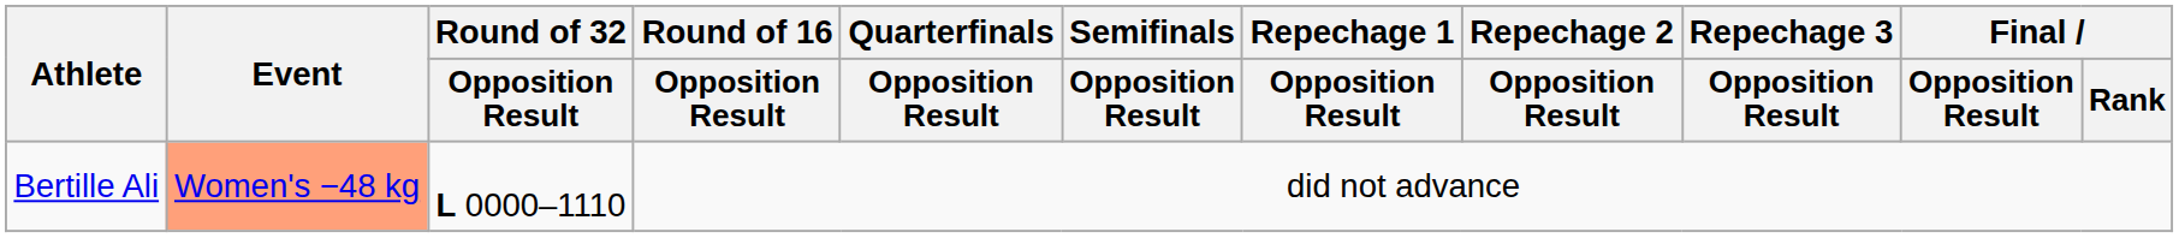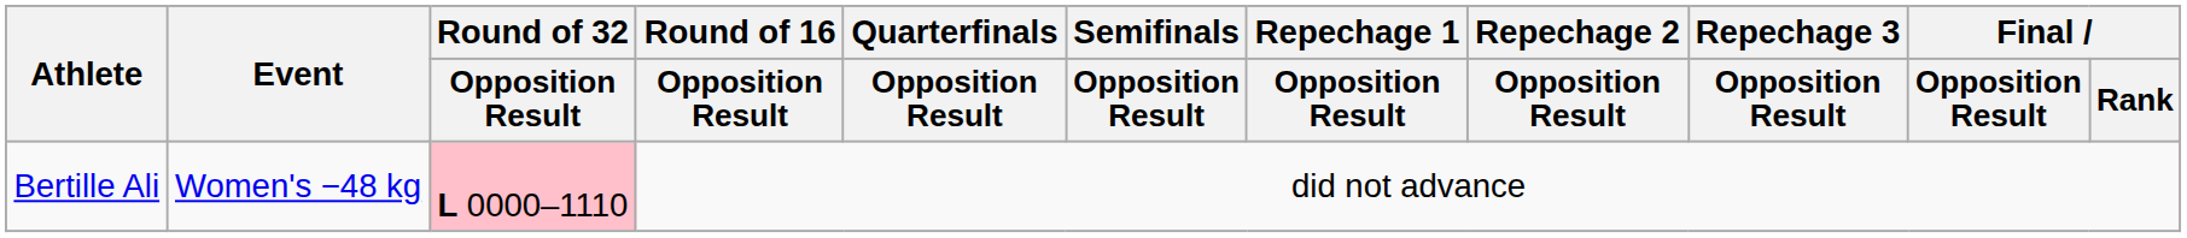 <table class="wikitable" style="font-size:90%">
 <tr>
 <th rowspan="2">Athlete</th>
 <th rowspan="2">Event</th>
 <th>Round of 32</th>
 <th>Round of 16</th>
 <th>Quarterfinals</th>
 <th>Semifinals</th>
 <th>Repechage 1</th>
 <th>Repechage 2</th>
 <th>Repechage 3</th>
 <th colspan=2>Final / </th>
 </tr>
 <tr style="font-size:95%">
 <th>Opposition<br>Result</th>
 <th>Opposition<br>Result</th>
 <th>Opposition<br>Result</th>
 <th>Opposition<br>Result</th>
 <th>Opposition<br>Result</th>
 <th>Opposition<br>Result</th>
 <th>Opposition<br>Result</th>
 <th>Opposition<br>Result</th>
 <th>Rank</th>
 </tr>
 <tr align=center>
 <td align=left><a href='#'>Bertille Ali</a></td>
-<td align=left style="background: lightsalmon;"><a href='#'>Women's −48 kg</a></td>
-<td><br><strong>L</strong> 0000–1110</td>
+<td align=left><a href='#'>Women's −48 kg</a></td>
+<td style="background: pink;"><br><strong>L</strong> 0000–1110</td>
 <td colspan=8>did not advance</td>
 </tr>
 </table>
